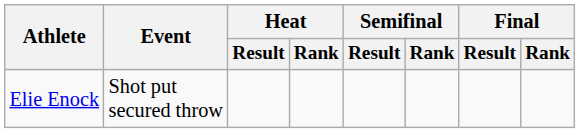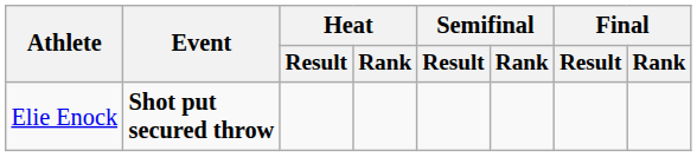 <table class="wikitable" style="font-size:90%">
 <tr>
 <th rowspan="2">Athlete</th>
 <th rowspan="2">Event</th>
 <th colspan="2">Heat</th>
 <th colspan="2">Semifinal</th>
 <th colspan="2">Final</th>
 </tr>
 <tr style="font-size:95%">
 <th>Result</th>
 <th>Rank</th>
 <th>Result</th>
 <th>Rank</th>
 <th>Result</th>
 <th>Rank</th>
 </tr>
 <tr style=text-align:center>
 <td style=text-align:left><a href='#'>Elie Enock</a></td>
-<td style=text-align:left>Shot put<br>secured throw</td>
+<td style=text-align:left><strong>Shot put<br>secured throw</strong></td>
 <td></td>
 <td></td>
 <td></td>
 <td></td>
 <td></td>
 <td></td>
 </tr>
 </table>
